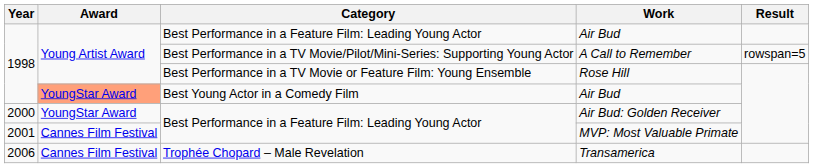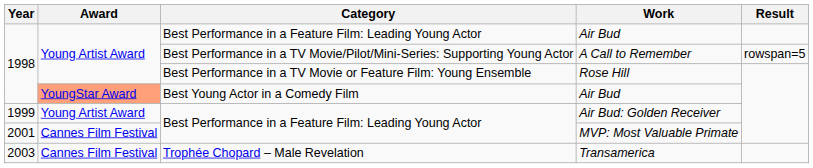 <table class="wikitable sortable">
 <tr>
 <th>Year</th>
 <th>Award</th>
 <th>Category</th>
 <th>Work</th>
 <th>Result</th>
 </tr>
 <tr>
 <td rowspan=4>1998</td>
 <td rowspan=3><a href='#'>Young Artist Award</a></td>
 <td>Best Performance in a Feature Film: Leading Young Actor</td>
 <td><em>Air Bud</em></td>
 <td></td>
 </tr>
 <tr>
 <td>Best Performance in a TV Movie/Pilot/Mini-Series: Supporting Young Actor</td>
 <td><em>A Call to Remember</em></td>
 <td>rowspan=5 </td>
 </tr>
 <tr>
 <td>Best Performance in a TV Movie or Feature Film: Young Ensemble</td>
 <td><em>Rose Hill</em></td>
 </tr>
 <tr>
 <td style="background: lightsalmon;"><a href='#'>YoungStar Award</a></td>
 <td>Best Young Actor in a Comedy Film</td>
 <td><em>Air Bud</em></td>
 </tr>
 <tr>
-<td>2000</td>
-<td><a href='#'>YoungStar Award</a></td>
+<td>1999</td>
+<td><a href='#'>Young Artist Award</a></td>
 <td rowspan=2>Best Performance in a Feature Film: Leading Young Actor</td>
 <td><em>Air Bud: Golden Receiver</em></td>
 </tr>
 <tr>
 <td>2001</td>
 <td><a href='#'>Cannes Film Festival</a></td>
 <td><em>MVP: Most Valuable Primate</em></td>
 </tr>
 <tr>
-<td>2006</td>
+<td>2003</td>
 <td><a href='#'>Cannes Film Festival</a></td>
 <td><a href='#'>Trophée Chopard</a> – Male Revelation</td>
 <td><em>Transamerica</em></td>
 <td></td>
 </tr>
 </table>
